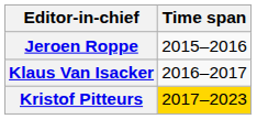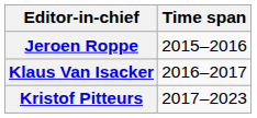 <table class="wikitable plainrowheaders">
 <tr>
 <th scope="col">Editor-in-chief</th>
 <th scope="col">Time span</th>
 </tr>
 <tr>
 <th scope="row"><a href='#'>Jeroen Roppe</a></th>
 <td>2015–2016</td>
 </tr>
 <tr>
 <th scope="row"><a href='#'>Klaus Van Isacker</a></th>
 <td>2016–2017</td>
 </tr>
 <tr>
 <th scope="row"><a href='#'>Kristof Pitteurs</a></th>
-<td style="background: gold;">2017–2023</td>
+<td>2017–2023</td>
 </tr>
 </table>
